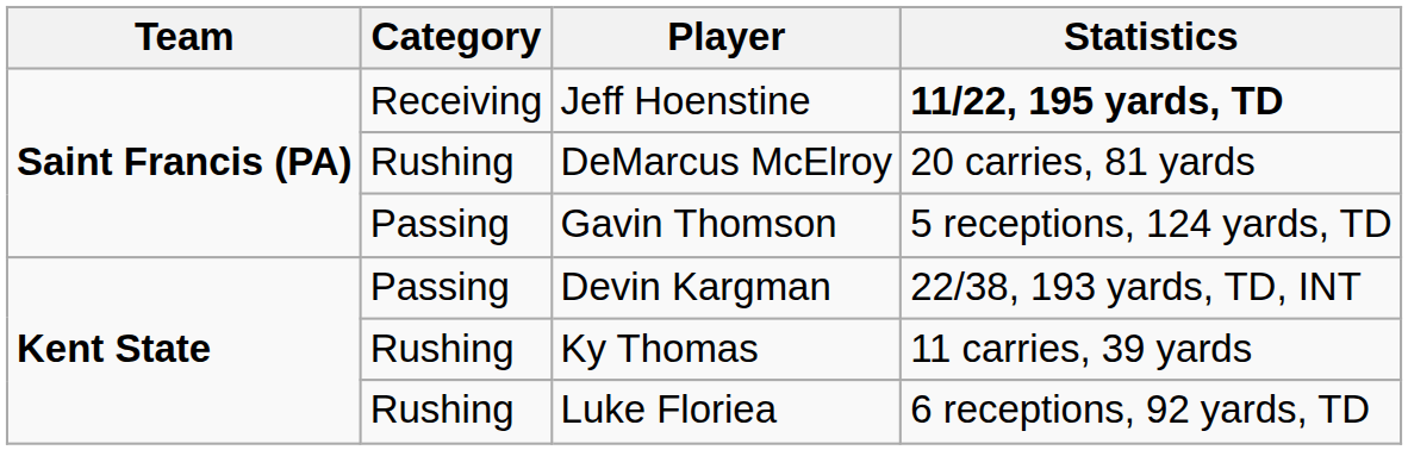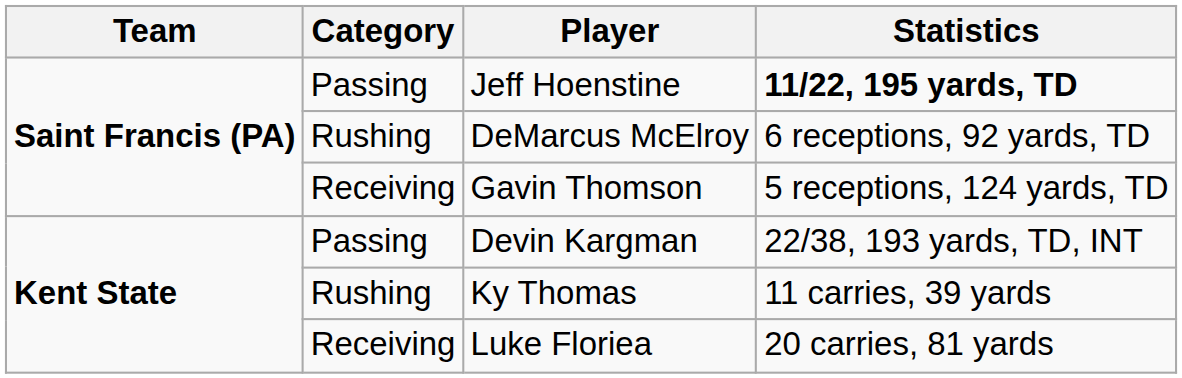 <table class="wikitable" style="float: right;">
 <tr>
 <th>Team</th>
 <th>Category</th>
 <th>Player</th>
 <th>Statistics</th>
 </tr>
 <tr>
 <td rowspan=3><strong>Saint Francis (PA)</strong></td>
-<td>Receiving</td>
+<td>Passing</td>
 <td>Jeff Hoenstine</td>
 <td><strong>11/22, 195 yards, TD</strong></td>
 </tr>
 <tr>
 <td>Rushing</td>
 <td>DeMarcus McElroy</td>
-<td>20 carries, 81 yards</td>
+<td>6 receptions, 92 yards, TD</td>
 </tr>
 <tr>
-<td>Passing</td>
+<td>Receiving</td>
 <td>Gavin Thomson</td>
 <td>5 receptions, 124 yards, TD</td>
 </tr>
 <tr>
 <td rowspan=3><strong>Kent State</strong></td>
 <td>Passing</td>
 <td>Devin Kargman</td>
 <td>22/38, 193 yards, TD, INT</td>
 </tr>
 <tr>
 <td>Rushing</td>
 <td>Ky Thomas</td>
 <td>11 carries, 39 yards</td>
 </tr>
 <tr>
-<td>Rushing</td>
+<td>Receiving</td>
 <td>Luke Floriea</td>
-<td>6 receptions, 92 yards, TD</td>
+<td>20 carries, 81 yards</td>
 </tr>
 </table>
